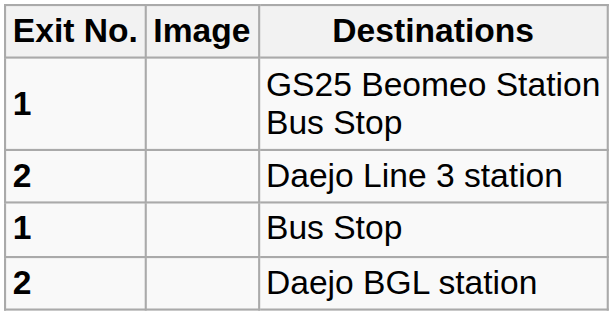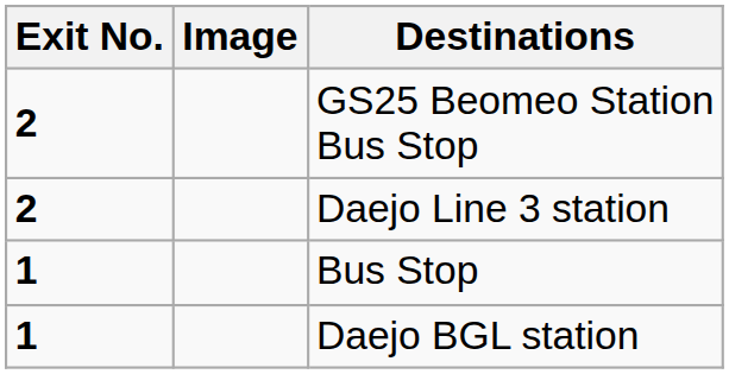 <table class="wikitable">
 <tr>
 <th>Exit No.</th>
 <th>Image</th>
 <th>Destinations</th>
 </tr>
 <tr>
-<td style="background:#"><strong>1</strong></td>
+<td style="background:#"><strong>2</strong></td>
 <td></td>
 <td>GS25 Beomeo Station<br>Bus Stop</td>
 </tr>
 <tr>
 <td style="background:#"><strong>2</strong></td>
 <td></td>
 <td>Daejo Line 3 station</td>
 </tr>
 <tr>
 <td style="background:#"><strong>1</strong></td>
 <td></td>
 <td>Bus Stop</td>
 </tr>
 <tr>
-<td style="background:#"><strong>2</strong></td>
+<td style="background:#"><strong>1</strong></td>
 <td></td>
 <td>Daejo BGL station</td>
 </tr>
 </table>
